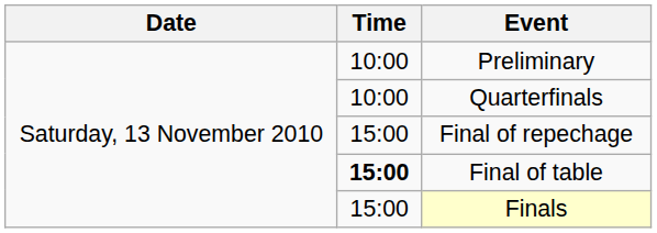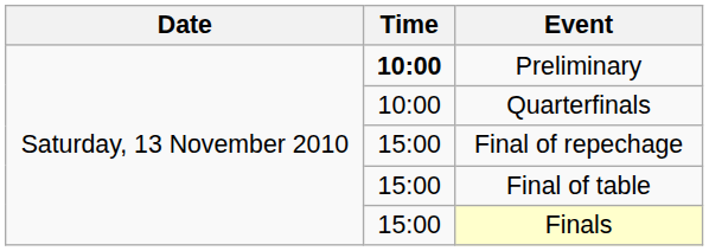 <table class = "wikitable" style="text-align:center;">
 <tr>
 <th width=220>Date</th>
 <th width=50>Time</th>
 <th width=150>Event</th>
 </tr>
 <tr>
 <td rowspan=5>Saturday, 13 November 2010</td>
-<td>10:00</td>
+<td><strong>10:00</strong></td>
 <td>Preliminary</td>
 </tr>
 <tr>
 <td>10:00</td>
 <td>Quarterfinals</td>
 </tr>
 <tr>
 <td>15:00</td>
 <td>Final of repechage</td>
 </tr>
 <tr>
-<td><strong>15:00</strong></td>
+<td>15:00</td>
 <td>Final of table</td>
 </tr>
 <tr>
 <td>15:00</td>
 <td bgcolor=ffffcc>Finals</td>
 </tr>
 </table>
